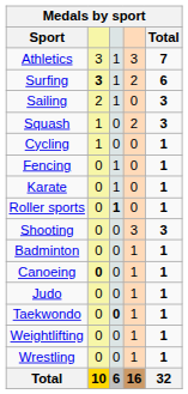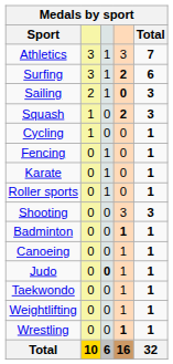 <table class="wikitable" style=font-size:85%;float:right;text-align:center>
 <tr>
 <th colspan=5>Medals by sport</th>
 </tr>
 <tr>
 <th>Sport</th>
 <td bgcolor=F7F6A8></td>
 <td bgcolor=DCE5E5></td>
 <td bgcolor=FFDAB9></td>
 <th>Total</th>
 </tr>
 <tr>
 <td><a href='#'>Athletics</a></td>
 <td bgcolor=F7F6A8>3</td>
 <td bgcolor=DCE5E5>1</td>
 <td bgcolor=FFDAB9>3</td>
 <td><strong>7</strong></td>
 </tr>
 <tr>
 <td><a href='#'>Surfing</a></td>
-<td bgcolor=F7F6A8><strong>3</strong></td>
+<td bgcolor=F7F6A8>3</td>
 <td bgcolor=DCE5E5>1</td>
-<td bgcolor=FFDAB9>2</td>
+<td bgcolor=FFDAB9><strong>2</strong></td>
 <td><strong>6</strong></td>
 </tr>
 <tr>
 <td><a href='#'>Sailing</a></td>
 <td bgcolor=F7F6A8>2</td>
 <td bgcolor=DCE5E5>1</td>
-<td bgcolor=FFDAB9>0</td>
+<td bgcolor=FFDAB9><strong>0</strong></td>
 <td><strong>3</strong></td>
 </tr>
 <tr>
 <td><a href='#'>Squash</a></td>
 <td bgcolor=F7F6A8>1</td>
 <td bgcolor=DCE5E5>0</td>
-<td bgcolor=FFDAB9>2</td>
+<td bgcolor=FFDAB9><strong>2</strong></td>
 <td><strong>3</strong></td>
 </tr>
 <tr>
 <td><a href='#'>Cycling</a></td>
 <td bgcolor=F7F6A8>1</td>
 <td bgcolor=DCE5E5>0</td>
 <td bgcolor=FFDAB9>0</td>
 <td><strong>1</strong></td>
 </tr>
 <tr>
 <td><a href='#'>Fencing</a></td>
 <td bgcolor=F7F6A8>0</td>
 <td bgcolor=DCE5E5>1</td>
 <td bgcolor=FFDAB9>0</td>
 <td><strong>1</strong></td>
 </tr>
 <tr>
 <td><a href='#'>Karate</a></td>
 <td bgcolor=F7F6A8>0</td>
 <td bgcolor=DCE5E5>1</td>
 <td bgcolor=FFDAB9>0</td>
 <td><strong>1</strong></td>
 </tr>
 <tr>
 <td><a href='#'>Roller sports</a></td>
 <td bgcolor=F7F6A8>0</td>
-<td bgcolor=DCE5E5><strong>1</strong></td>
+<td bgcolor=DCE5E5>1</td>
 <td bgcolor=FFDAB9>0</td>
 <td><strong>1</strong></td>
 </tr>
 <tr>
 <td><a href='#'>Shooting</a></td>
 <td bgcolor=F7F6A8>0</td>
 <td bgcolor=DCE5E5>0</td>
 <td bgcolor=FFDAB9>3</td>
 <td><strong>3</strong></td>
 </tr>
 <tr>
 <td><a href='#'>Badminton</a></td>
 <td bgcolor=F7F6A8>0</td>
 <td bgcolor=DCE5E5>0</td>
-<td bgcolor=FFDAB9>1</td>
+<td bgcolor=FFDAB9><strong>1</strong></td>
 <td><strong>1</strong></td>
 </tr>
 <tr>
 <td><a href='#'>Canoeing</a></td>
-<td bgcolor=F7F6A8><strong>0</strong></td>
+<td bgcolor=F7F6A8>0</td>
 <td bgcolor=DCE5E5>0</td>
 <td bgcolor=FFDAB9>1</td>
 <td><strong>1</strong></td>
 </tr>
 <tr>
 <td><a href='#'>Judo</a></td>
 <td bgcolor=F7F6A8>0</td>
-<td bgcolor=DCE5E5>0</td>
+<td bgcolor=DCE5E5><strong>0</strong></td>
 <td bgcolor=FFDAB9>1</td>
 <td><strong>1</strong></td>
 </tr>
 <tr>
 <td><a href='#'>Taekwondo</a></td>
 <td bgcolor=F7F6A8>0</td>
-<td bgcolor=DCE5E5><strong>0</strong></td>
+<td bgcolor=DCE5E5>0</td>
 <td bgcolor=FFDAB9>1</td>
 <td><strong>1</strong></td>
 </tr>
 <tr>
 <td><a href='#'>Weightlifting</a></td>
 <td bgcolor=F7F6A8>0</td>
 <td bgcolor=DCE5E5>0</td>
 <td bgcolor=FFDAB9>1</td>
 <td><strong>1</strong></td>
 </tr>
 <tr>
 <td><a href='#'>Wrestling</a></td>
 <td bgcolor=F7F6A8>0</td>
 <td bgcolor=DCE5E5>0</td>
-<td bgcolor=FFDAB9>1</td>
+<td bgcolor=FFDAB9><strong>1</strong></td>
 <td><strong>1</strong></td>
 </tr>
 <tr>
 <th>Total</th>
 <th style=background:gold>10</th>
 <th style=background:silver>6</th>
 <th style=background:#c96>16</th>
 <th>32</th>
 </tr>
 </table>
